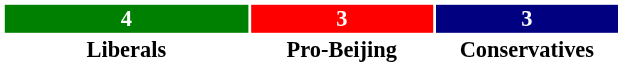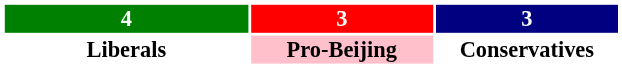 <table style="width:50%; text-align:center;">
 <tr style="color:white;">
 <td style="background:green; width:40%;"><strong>4</strong></td>
 <td style="background:red; width:30%;"><strong>3</strong></td>
 <td style="background:navy; width:30%;"><strong>3</strong></td>
 </tr>
 <tr>
 <td><span><strong>Liberals</strong></span></td>
-<td><span><strong>Pro-Beijing</strong></span></td>
+<td style="background: pink;"><span><strong>Pro-Beijing</strong></span></td>
 <td><span><strong>Conservatives</strong></span></td>
 </tr>
 </table>
